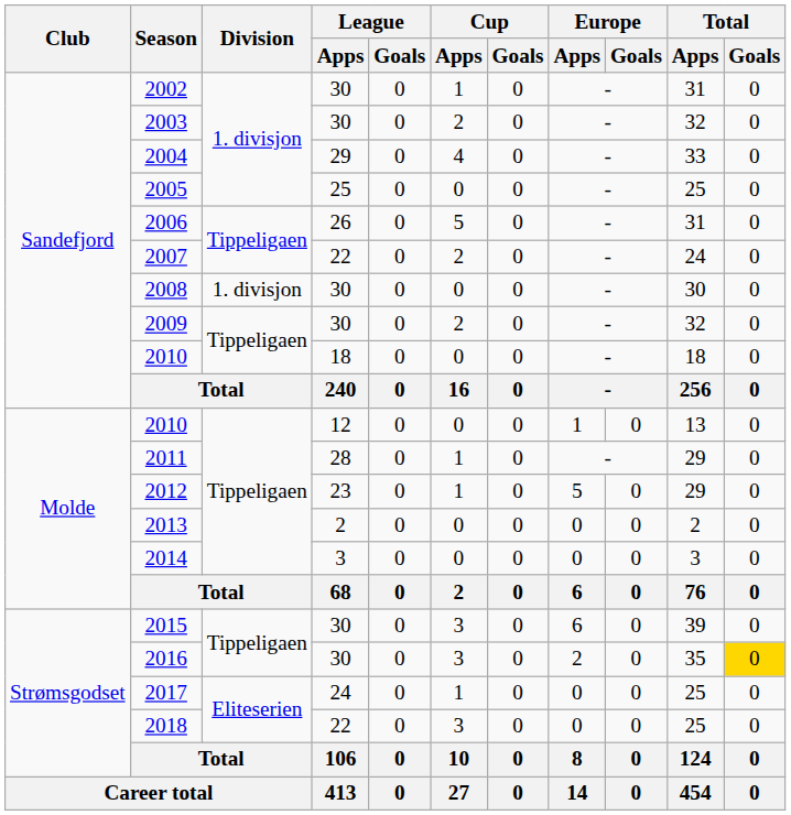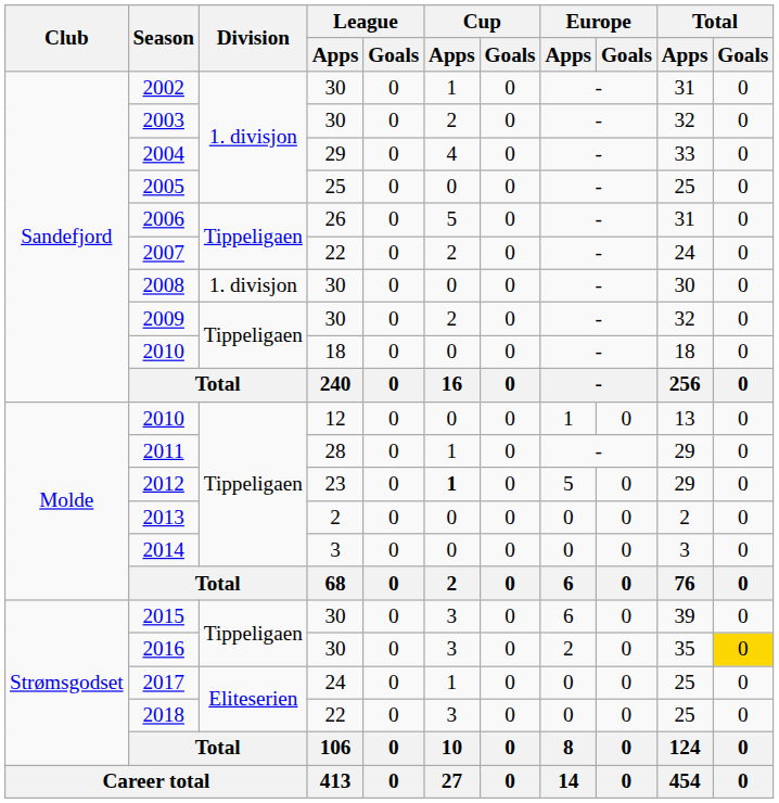 <table class="wikitable" style="text-align: center;">
 <tr>
 <th rowspan="2">Club</th>
 <th rowspan="2">Season</th>
 <th rowspan="2">Division</th>
 <th colspan="2">League</th>
 <th colspan="2">Cup</th>
 <th colspan="2">Europe</th>
 <th colspan="2">Total</th>
 </tr>
 <tr>
 <th>Apps</th>
 <th>Goals</th>
 <th>Apps</th>
 <th>Goals</th>
 <th>Apps</th>
 <th>Goals</th>
 <th>Apps</th>
 <th>Goals</th>
 </tr>
 <tr>
 <td rowspan="10" valign="center"><a href='#'>Sandefjord</a></td>
 <td><a href='#'>2002</a></td>
 <td rowspan="4" valign="center"><a href='#'>1. divisjon</a></td>
 <td>30</td>
 <td>0</td>
 <td>1</td>
 <td>0</td>
 <td colspan="2">-</td>
 <td>31</td>
 <td>0</td>
 </tr>
 <tr>
 <td><a href='#'>2003</a></td>
 <td>30</td>
 <td>0</td>
 <td>2</td>
 <td>0</td>
 <td colspan="2">-</td>
 <td>32</td>
 <td>0</td>
 </tr>
 <tr>
 <td><a href='#'>2004</a></td>
 <td>29</td>
 <td>0</td>
 <td>4</td>
 <td>0</td>
 <td colspan="2">-</td>
 <td>33</td>
 <td>0</td>
 </tr>
 <tr>
 <td><a href='#'>2005</a></td>
 <td>25</td>
 <td>0</td>
 <td>0</td>
 <td>0</td>
 <td colspan="2">-</td>
 <td>25</td>
 <td>0</td>
 </tr>
 <tr>
 <td><a href='#'>2006</a></td>
 <td rowspan="2" valign="center"><a href='#'>Tippeligaen</a></td>
 <td>26</td>
 <td>0</td>
 <td>5</td>
 <td>0</td>
 <td colspan="2">-</td>
 <td>31</td>
 <td>0</td>
 </tr>
 <tr>
 <td><a href='#'>2007</a></td>
 <td>22</td>
 <td>0</td>
 <td>2</td>
 <td>0</td>
 <td colspan="2">-</td>
 <td>24</td>
 <td>0</td>
 </tr>
 <tr>
 <td><a href='#'>2008</a></td>
 <td>1. divisjon</td>
 <td>30</td>
 <td>0</td>
 <td>0</td>
 <td>0</td>
 <td colspan="2">-</td>
 <td>30</td>
 <td>0</td>
 </tr>
 <tr>
 <td><a href='#'>2009</a></td>
 <td rowspan="2" valign="center">Tippeligaen</td>
 <td>30</td>
 <td>0</td>
 <td>2</td>
 <td>0</td>
 <td colspan="2">-</td>
 <td>32</td>
 <td>0</td>
 </tr>
 <tr>
 <td rowspan="1" valign="center"><a href='#'>2010</a></td>
 <td>18</td>
 <td>0</td>
 <td>0</td>
 <td>0</td>
 <td colspan="2">-</td>
 <td>18</td>
 <td>0</td>
 </tr>
 <tr>
 <th colspan="2" valign="center">Total</th>
 <th>240</th>
 <th>0</th>
 <th>16</th>
 <th>0</th>
 <th colspan="2">-</th>
 <th>256</th>
 <th>0</th>
 </tr>
 <tr>
 <td rowspan="6" valign="center"><a href='#'>Molde</a></td>
 <td rowspan="1" valign="center"><a href='#'>2010</a></td>
 <td rowspan="5" valign="center">Tippeligaen</td>
 <td>12</td>
 <td>0</td>
 <td>0</td>
 <td>0</td>
 <td>1</td>
 <td>0</td>
 <td>13</td>
 <td>0</td>
 </tr>
 <tr>
 <td><a href='#'>2011</a></td>
 <td>28</td>
 <td>0</td>
 <td>1</td>
 <td>0</td>
 <td colspan="2">-</td>
 <td>29</td>
 <td>0</td>
 </tr>
 <tr>
 <td><a href='#'>2012</a></td>
 <td>23</td>
 <td>0</td>
-<td>1</td>
+<td><strong>1</strong></td>
 <td>0</td>
 <td>5</td>
 <td>0</td>
 <td>29</td>
 <td>0</td>
 </tr>
 <tr>
 <td><a href='#'>2013</a></td>
 <td>2</td>
 <td>0</td>
 <td>0</td>
 <td>0</td>
 <td>0</td>
 <td>0</td>
 <td>2</td>
 <td>0</td>
 </tr>
 <tr>
 <td><a href='#'>2014</a></td>
 <td>3</td>
 <td>0</td>
 <td>0</td>
 <td>0</td>
 <td>0</td>
 <td>0</td>
 <td>3</td>
 <td>0</td>
 </tr>
 <tr>
 <th colspan="2" valign="center">Total</th>
 <th>68</th>
 <th>0</th>
 <th>2</th>
 <th>0</th>
 <th>6</th>
 <th>0</th>
 <th>76</th>
 <th>0</th>
 </tr>
 <tr>
 <td rowspan="5" valign="center"><a href='#'>Strømsgodset</a></td>
 <td><a href='#'>2015</a></td>
 <td rowspan="2" valign="center">Tippeligaen</td>
 <td>30</td>
 <td>0</td>
 <td>3</td>
 <td>0</td>
 <td>6</td>
 <td>0</td>
 <td>39</td>
 <td>0</td>
 </tr>
 <tr>
 <td><a href='#'>2016</a></td>
 <td>30</td>
 <td>0</td>
 <td>3</td>
 <td>0</td>
 <td>2</td>
 <td>0</td>
 <td>35</td>
 <td style="background: gold;">0</td>
 </tr>
 <tr>
 <td><a href='#'>2017</a></td>
 <td rowspan="2" valign="center"><a href='#'>Eliteserien</a></td>
 <td>24</td>
 <td>0</td>
 <td>1</td>
 <td>0</td>
 <td>0</td>
 <td>0</td>
 <td>25</td>
 <td>0</td>
 </tr>
 <tr>
 <td><a href='#'>2018</a></td>
 <td>22</td>
 <td>0</td>
 <td>3</td>
 <td>0</td>
 <td>0</td>
 <td>0</td>
 <td>25</td>
 <td>0</td>
 </tr>
 <tr>
 <th colspan="2" valign="center">Total</th>
 <th>106</th>
 <th>0</th>
 <th>10</th>
 <th>0</th>
 <th>8</th>
 <th>0</th>
 <th>124</th>
 <th>0</th>
 </tr>
 <tr>
 <th colspan="3">Career total</th>
 <th>413</th>
 <th>0</th>
 <th>27</th>
 <th>0</th>
 <th>14</th>
 <th>0</th>
 <th>454</th>
 <th>0</th>
 </tr>
 </table>
